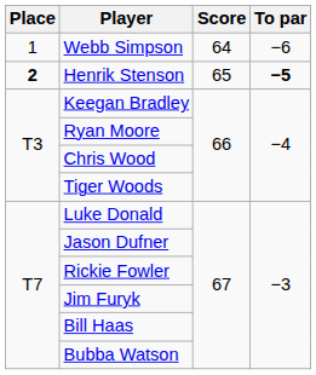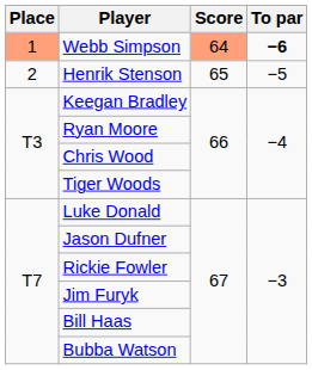 <table class="wikitable">
 <tr>
 <th>Place</th>
 <th>Player</th>
 <th>Score</th>
 <th>To par</th>
 </tr>
 <tr>
-<td align=center>1</td>
+<td align=center style="background: lightsalmon;">1</td>
 <td> <a href='#'>Webb Simpson</a></td>
-<td align=center>64</td>
-<td align=center>−6</td>
+<td align=center style="background: lightsalmon;">64</td>
+<td align=center><strong>−6</strong></td>
 </tr>
 <tr>
-<td align=center><strong>2</strong></td>
+<td align=center>2</td>
 <td> <a href='#'>Henrik Stenson</a></td>
 <td align=center>65</td>
-<td align=center><strong>−5</strong></td>
+<td align=center>−5</td>
 </tr>
 <tr>
 <td align=center rowspan=4>T3</td>
 <td> <a href='#'>Keegan Bradley</a></td>
 <td align=center rowspan=4>66</td>
 <td align=center rowspan=4>−4</td>
 </tr>
 <tr>
 <td> <a href='#'>Ryan Moore</a></td>
 </tr>
 <tr>
 <td> <a href='#'>Chris Wood</a></td>
 </tr>
 <tr>
 <td> <a href='#'>Tiger Woods</a></td>
 </tr>
 <tr>
 <td align=center rowspan=6>T7</td>
 <td> <a href='#'>Luke Donald</a></td>
 <td align=center rowspan=6>67</td>
 <td align=center rowspan=6>−3</td>
 </tr>
 <tr>
 <td> <a href='#'>Jason Dufner</a></td>
 </tr>
 <tr>
 <td> <a href='#'>Rickie Fowler</a></td>
 </tr>
 <tr>
 <td> <a href='#'>Jim Furyk</a></td>
 </tr>
 <tr>
 <td> <a href='#'>Bill Haas</a></td>
 </tr>
 <tr>
 <td> <a href='#'>Bubba Watson</a></td>
 </tr>
 </table>
